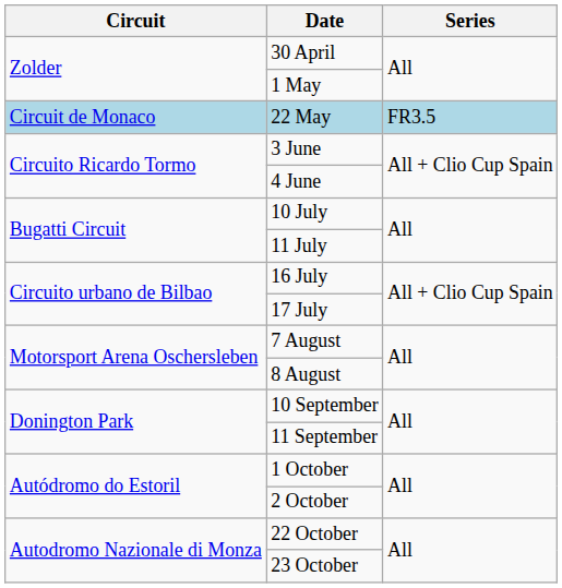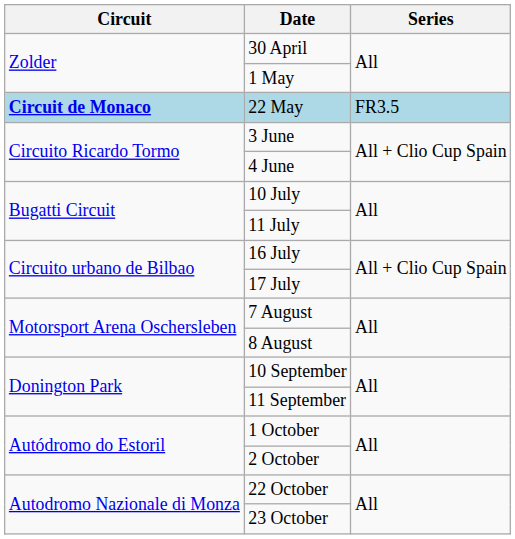 <table class="wikitable" style="font-size: 85%;">
 <tr>
 <th>Circuit</th>
 <th>Date</th>
 <th>Series</th>
 </tr>
 <tr>
 <td rowspan=2> <a href='#'>Zolder</a></td>
 <td>30 April</td>
 <td rowspan=2>All</td>
 </tr>
 <tr>
 <td>1 May</td>
 </tr>
 <tr style="background:lightblue;">
-<td> <a href='#'>Circuit de Monaco</a></td>
+<td><strong> <a href='#'>Circuit de Monaco</a></strong></td>
 <td>22 May</td>
 <td>FR3.5</td>
 </tr>
 <tr>
 <td rowspan=2> <a href='#'>Circuito Ricardo Tormo</a></td>
 <td>3 June</td>
 <td rowspan=2>All + Clio Cup Spain</td>
 </tr>
 <tr>
 <td>4 June</td>
 </tr>
 <tr>
 <td rowspan=2> <a href='#'>Bugatti Circuit</a></td>
 <td>10 July</td>
 <td rowspan=2>All</td>
 </tr>
 <tr>
 <td>11 July</td>
 </tr>
 <tr>
 <td rowspan=2> <a href='#'>Circuito urbano de Bilbao</a></td>
 <td>16 July</td>
 <td rowspan=2>All + Clio Cup Spain</td>
 </tr>
 <tr>
 <td>17 July</td>
 </tr>
 <tr>
 <td rowspan=2> <a href='#'>Motorsport Arena Oschersleben</a></td>
 <td>7 August</td>
 <td rowspan=2>All</td>
 </tr>
 <tr>
 <td>8 August</td>
 </tr>
 <tr>
 <td rowspan=2> <a href='#'>Donington Park</a></td>
 <td>10 September</td>
 <td rowspan=2>All</td>
 </tr>
 <tr>
 <td>11 September</td>
 </tr>
 <tr>
 <td rowspan=2> <a href='#'>Autódromo do Estoril</a></td>
 <td>1 October</td>
 <td rowspan=2>All</td>
 </tr>
 <tr>
 <td>2 October</td>
 </tr>
 <tr>
 <td rowspan=2> <a href='#'>Autodromo Nazionale di Monza</a></td>
 <td>22 October</td>
 <td rowspan=2>All</td>
 </tr>
 <tr>
 <td>23 October</td>
 </tr>
 </table>
